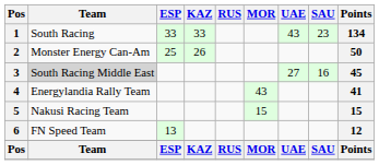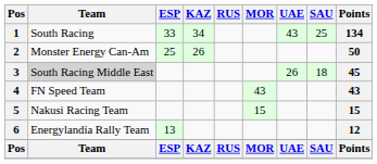 <table class="wikitable" style="font-size: 85%; text-align: center; display: inline-table;">
 <tr valign="top">
 <th valign="middle">Pos</th>
 <th valign="middle">Team</th>
 <th><a href='#'>ESP</a><br></th>
 <th><a href='#'>KAZ</a><br></th>
 <th><a href='#'>RUS</a><br></th>
 <th><a href='#'>MOR</a><br></th>
 <th><a href='#'>UAE</a><br></th>
 <th><a href='#'>SAU</a><br></th>
 <th valign="middle">Points</th>
 </tr>
 <tr>
 <th>1</th>
 <td align=left> South Racing</td>
 <td style="background:#dfffdf;">33</td>
-<td style="background:#dfffdf;">33</td>
+<td style="background:#dfffdf;">34</td>
 <td></td>
 <td></td>
 <td style="background:#dfffdf;">43</td>
-<td style="background:#dfffdf;">23</td>
+<td style="background:#dfffdf;">25</td>
 <th>134</th>
 </tr>
 <tr>
 <th>2</th>
 <td align=left>Monster Energy Can-Am</td>
 <td style="background:#dfffdf;">25</td>
 <td style="background:#dfffdf;">26</td>
 <td></td>
 <td></td>
 <td></td>
 <td></td>
 <th>50</th>
 </tr>
 <tr>
 <th>3</th>
 <td align=left style="background: lightgrey;">South Racing Middle East</td>
 <td></td>
 <td></td>
 <td></td>
 <td></td>
-<td style="background:#dfffdf;">27</td>
-<td style="background:#dfffdf;">16</td>
+<td style="background:#dfffdf;">26</td>
+<td style="background:#dfffdf;">18</td>
 <th>45</th>
 </tr>
 <tr>
 <th>4</th>
-<td align=left> Energylandia Rally Team</td>
+<td align=left> FN Speed Team</td>
 <td></td>
 <td></td>
 <td></td>
 <td style="background:#dfffdf;">43</td>
 <td></td>
 <td></td>
-<th>41</th>
+<th>43</th>
 </tr>
 <tr>
 <th>5</th>
 <td align=left> Nakusi Racing Team</td>
 <td></td>
 <td></td>
 <td></td>
 <td style="background:#dfffdf;">15</td>
 <td></td>
 <td></td>
 <th>15</th>
 </tr>
 <tr>
 <th>6</th>
-<td align=left> FN Speed Team</td>
+<td align=left> Energylandia Rally Team</td>
 <td style="background:#dfffdf;">13</td>
 <td></td>
 <td></td>
 <td></td>
 <td></td>
 <td></td>
 <th>12</th>
 </tr>
 <tr>
 </tr>
 <tr valign="top">
 <th valign="middle">Pos</th>
 <th valign="middle">Team</th>
 <th><a href='#'>ESP</a><br></th>
 <th><a href='#'>KAZ</a><br></th>
 <th><a href='#'>RUS</a><br></th>
 <th><a href='#'>MOR</a><br></th>
 <th><a href='#'>UAE</a><br></th>
 <th><a href='#'>SAU</a><br></th>
 <th valign="middle">Points</th>
 </tr>
 <tr>
 </tr>
 </table>
